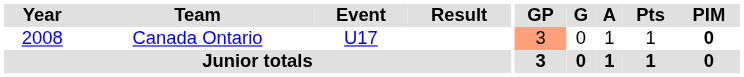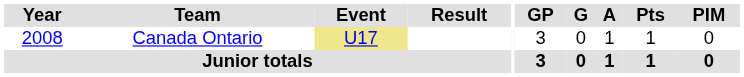 <table border="0" cellpadding="1" cellspacing="0" ID="Table3" style="text-align:center; width:40em">
 <tr ALIGN="centre" bgcolor="#e0e0e0">
 <th>Year</th>
 <th>Team</th>
 <th>Event</th>
 <th>Result</th>
 <th rowspan="99" bgcolor="#ffffff"></th>
 <th>GP</th>
 <th>G</th>
 <th>A</th>
 <th>Pts</th>
 <th>PIM</th>
 </tr>
 <tr>
 <td><a href='#'>2008</a></td>
 <td><a href='#'>Canada Ontario</a></td>
-<td><a href='#'>U17</a></td>
+<td style="background: khaki;"><a href='#'>U17</a></td>
 <td></td>
-<td style="background: lightsalmon;">3</td>
+<td>3</td>
 <td>0</td>
 <td>1</td>
 <td>1</td>
-<td><strong>0</strong></td>
+<td>0</td>
 </tr>
 <tr ALIGN="centre" bgcolor="#e0e0e0">
 <th colspan=4>Junior totals</th>
 <th>3</th>
 <th>0</th>
 <th>1</th>
 <th>1</th>
 <th>0</th>
 </tr>
 </table>
